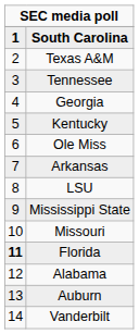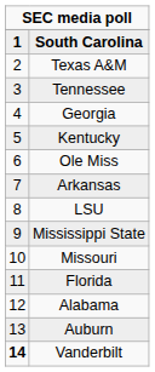 <table class="wikitable" style="display: inline-table;">
 <tr>
 <td align="center" Colspan="3"><strong>SEC media poll</strong></td>
 </tr>
 <tr align="center">
 </tr>
 <tr align="center" style="background:#eeeeee;">
 <td><strong>1</strong></td>
 <td><strong>South Carolina</strong></td>
 </tr>
 <tr align="center">
 <td>2</td>
 <td>Texas A&M</td>
 </tr>
 <tr align="center" style="background:#eeeeee;">
 <td>3</td>
 <td>Tennessee</td>
 </tr>
 <tr align="center">
 <td>4</td>
 <td>Georgia</td>
 </tr>
 <tr align="center" style="background:#eeeeee;">
 <td>5</td>
 <td>Kentucky</td>
 </tr>
 <tr align="center">
 <td>6</td>
 <td>Ole Miss</td>
 </tr>
 <tr align="center" style="background:#eeeeee;">
 <td>7</td>
 <td>Arkansas</td>
 </tr>
 <tr align="center">
 <td>8</td>
 <td>LSU</td>
 </tr>
 <tr align="center" style="background:#eeeeee;">
 <td>9</td>
 <td>Mississippi State</td>
 </tr>
 <tr align="center">
 <td>10</td>
 <td>Missouri</td>
 </tr>
 <tr align="center" style="background:#eeeeee;">
-<td><strong>11</strong></td>
+<td>11</td>
 <td>Florida</td>
 </tr>
 <tr align="center">
 <td>12</td>
 <td>Alabama</td>
 </tr>
 <tr align="center" style="background:#eeeeee;">
 <td>13</td>
 <td>Auburn</td>
 </tr>
 <tr align="center">
-<td>14</td>
+<td><strong>14</strong></td>
 <td>Vanderbilt</td>
 </tr>
 </table>
